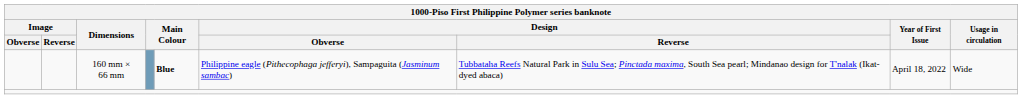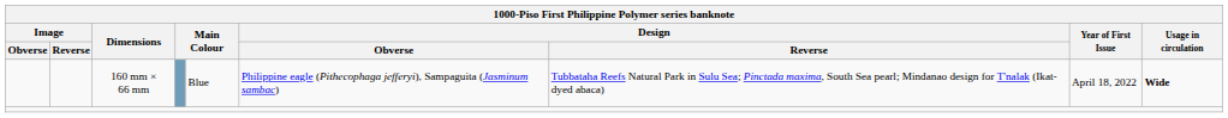 <table class="wikitable" style="margin:auto; font-size:90%;">
 <tr>
 <th colspan="9">1000-Piso First Philippine Polymer series banknote</th>
 </tr>
 <tr>
 <th colspan="2">Image</th>
 <th rowspan="2">Dimensions</th>
 <th colspan="2" rowspan="2">Main Colour</th>
 <th colspan="2">Design</th>
 <th rowspan="2"><small>Year of First Issue</small></th>
 <th rowspan="2"><small>Usage in circulation</small></th>
 </tr>
 <tr>
 <th>Obverse</th>
 <th>Reverse</th>
 <th>Obverse</th>
 <th>Reverse</th>
 </tr>
 <tr style="height:62px">
 <td style="text-align:center;"></td>
 <td style="text-align:center;"></td>
 <td style="text-align:center;">160 mm × 66 mm</td>
 <td style="text-align:center; background:#6F9CB8;"></td>
-<td><strong>Blue</strong></td>
+<td>Blue</td>
 <td><a href='#'>Philippine eagle</a> (<em>Pithecophaga jefferyi</em>), Sampaguita (<em><a href='#'>Jasminum sambac</a></em>)</td>
 <td><a href='#'>Tubbataha Reefs</a> Natural Park in <a href='#'>Sulu Sea</a>; <em><a href='#'>Pinctada maxima</a></em>, South Sea pearl; Mindanao design for <a href='#'>T'nalak</a> (Ikat-dyed abaca)</td>
 <td>April 18, 2022</td>
-<td>Wide</td>
+<td><strong>Wide</strong></td>
 </tr>
 <tr>
 <td colspan="9"></td>
 </tr>
 </table>
